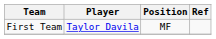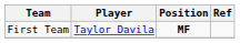 <table class=wikitable>
 <tr>
 <th>Team</th>
 <th>Player</th>
 <th>Position</th>
 <th>Ref</th>
 </tr>
 <tr>
 <td align=center>First Team</td>
 <td> <a href='#'>Taylor Davila</a></td>
-<td align=center>MF</td>
+<td align=center><strong>MF</strong></td>
 <td align=center></td>
 </tr>
 <tr>
 </tr>
 </table>
